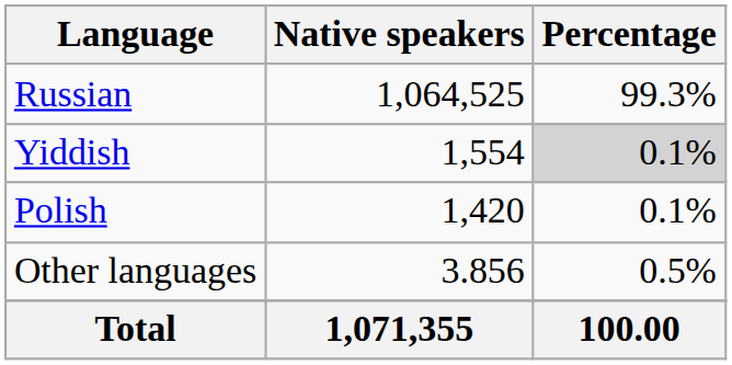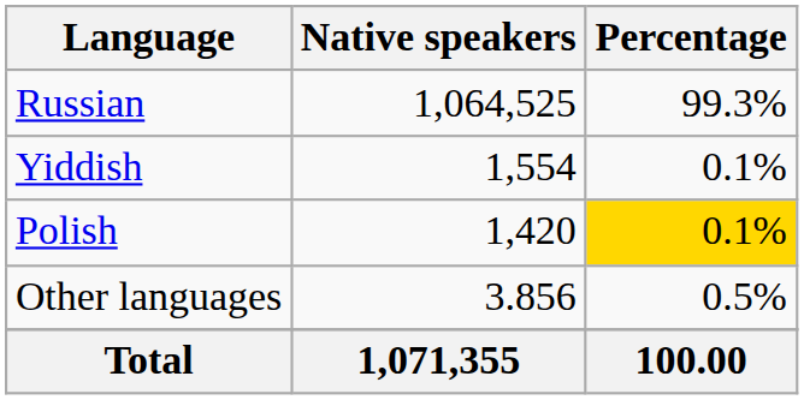 <table class="wikitable sortable">
 <tr>
 <th>Language</th>
 <th>Native speakers</th>
 <th>Percentage</th>
 </tr>
 <tr>
 <td><a href='#'>Russian</a></td>
 <td align="right">1,064,525</td>
 <td align="right">99.3%</td>
 </tr>
 <tr>
 <td><a href='#'>Yiddish</a></td>
 <td align="right">1,554</td>
-<td align="right" style="background: lightgrey;">0.1%</td>
+<td align="right">0.1%</td>
 </tr>
 <tr>
 <td><a href='#'>Polish</a></td>
 <td align="right">1,420</td>
-<td align="right">0.1%</td>
+<td align="right" style="background: gold;">0.1%</td>
 </tr>
 <tr>
 <td>Other languages</td>
 <td align="right">3.856</td>
 <td align="right">0.5%</td>
 </tr>
 <tr>
 </tr>
 <tr>
 <th>Total</th>
 <th>1,071,355</th>
 <th>100.00</th>
 </tr>
 </table>
